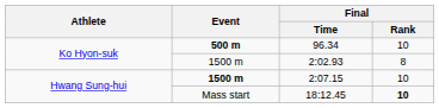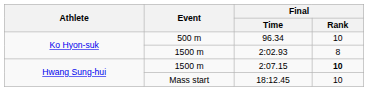 <table class="wikitable" style="font-size:90%; text-align:center; width:600px">
 <tr>
 <th rowspan="2">Athlete</th>
 <th rowspan="2">Event</th>
 <th colspan="2">Final</th>
 </tr>
 <tr>
 <th>Time</th>
 <th>Rank</th>
 </tr>
 <tr>
 <td rowspan=2><a href='#'>Ko Hyon-suk</a></td>
-<td><strong>500 m</strong></td>
+<td>500 m</td>
 <td>96.34</td>
 <td>10</td>
 </tr>
 <tr>
 <td>1500 m</td>
 <td>2:02.93</td>
 <td>8</td>
 </tr>
 <tr>
 <td rowspan=2><a href='#'>Hwang Sung-hui</a></td>
-<td><strong>1500 m</strong></td>
+<td>1500 m</td>
 <td>2:07.15</td>
-<td>10</td>
+<td><strong>10</strong></td>
 </tr>
 <tr>
 <td>Mass start</td>
 <td>18:12.45</td>
-<td><strong>10</strong></td>
+<td>10</td>
 </tr>
 </table>
